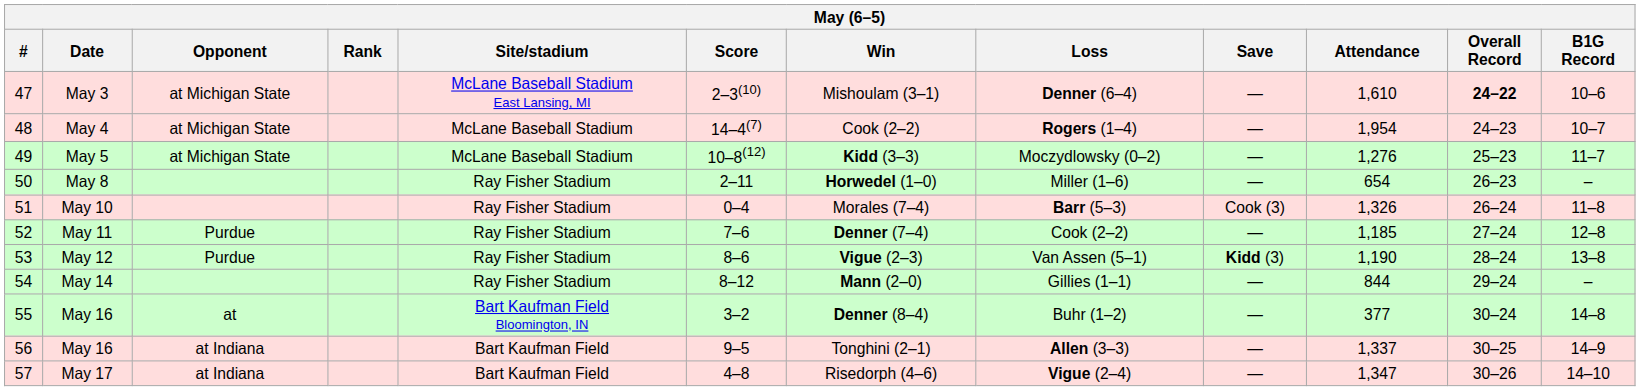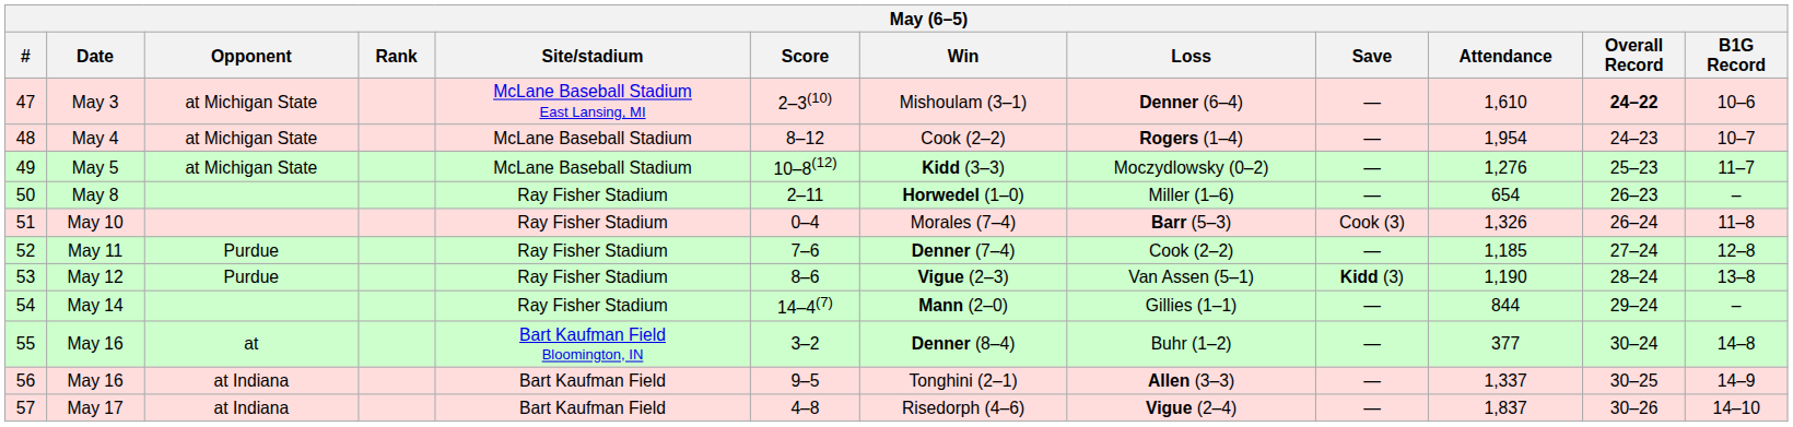 <table class="wikitable collapsible" style="margin:auto; width:100%; text-align:center; font-size:95%">
 <tr>
 <th colspan=12 style="padding-left:4em;">May (6–5)</th>
 </tr>
 <tr>
 <th>#</th>
 <th>Date</th>
 <th>Opponent</th>
 <th>Rank</th>
 <th>Site/stadium</th>
 <th>Score</th>
 <th>Win</th>
 <th>Loss</th>
 <th>Save</th>
 <th>Attendance</th>
 <th>Overall<br>Record</th>
 <th>B1G<br>Record</th>
 </tr>
 <tr align="center" bgcolor="#ffdddd">
 <td>47</td>
 <td>May 3</td>
 <td>at Michigan State</td>
 <td></td>
 <td><a href='#'>McLane Baseball Stadium</a><br><small><a href='#'>East Lansing, MI</a></small></td>
 <td>2–3<sup>(10)</sup></td>
 <td>Mishoulam (3–1)</td>
 <td><strong>Denner</strong> (6–4)</td>
 <td>—</td>
 <td>1,610</td>
 <td><strong>24–22</strong></td>
 <td>10–6</td>
 </tr>
 <tr align="center" bgcolor="#ffdddd">
 <td>48</td>
 <td>May 4</td>
 <td>at Michigan State</td>
 <td></td>
 <td>McLane Baseball Stadium</td>
-<td>14–4<sup>(7)</sup></td>
+<td>8–12</td>
 <td>Cook (2–2)</td>
 <td><strong>Rogers</strong> (1–4)</td>
 <td>—</td>
 <td>1,954</td>
 <td>24–23</td>
 <td>10–7</td>
 </tr>
 <tr align="center" bgcolor="#ccffcc">
 <td>49</td>
 <td>May 5</td>
 <td>at Michigan State</td>
 <td></td>
 <td>McLane Baseball Stadium</td>
 <td>10–8<sup>(12)</sup></td>
 <td><strong>Kidd</strong> (3–3)</td>
 <td>Moczydlowsky (0–2)</td>
 <td>—</td>
 <td>1,276</td>
 <td>25–23</td>
 <td>11–7</td>
 </tr>
 <tr align="center" bgcolor="#ccffcc">
 <td>50</td>
 <td>May 8</td>
 <td></td>
 <td></td>
 <td>Ray Fisher Stadium</td>
 <td>2–11</td>
 <td><strong>Horwedel</strong> (1–0)</td>
 <td>Miller (1–6)</td>
 <td>—</td>
 <td>654</td>
 <td>26–23</td>
 <td>–</td>
 </tr>
 <tr align="center" bgcolor="#ffdddd">
 <td>51</td>
 <td>May 10</td>
 <td></td>
 <td></td>
 <td>Ray Fisher Stadium</td>
 <td>0–4</td>
 <td>Morales (7–4)</td>
 <td><strong>Barr</strong> (5–3)</td>
 <td>Cook (3)</td>
 <td>1,326</td>
 <td>26–24</td>
 <td>11–8</td>
 </tr>
 <tr align="center" bgcolor="#ccffcc">
 <td>52</td>
 <td>May 11</td>
 <td>Purdue</td>
 <td></td>
 <td>Ray Fisher Stadium</td>
 <td>7–6</td>
 <td><strong>Denner</strong> (7–4)</td>
 <td>Cook (2–2)</td>
 <td>—</td>
 <td>1,185</td>
 <td>27–24</td>
 <td>12–8</td>
 </tr>
 <tr align="center" bgcolor="#ccffcc">
 <td>53</td>
 <td>May 12</td>
 <td>Purdue</td>
 <td></td>
 <td>Ray Fisher Stadium</td>
 <td>8–6</td>
 <td><strong>Vigue</strong> (2–3)</td>
 <td>Van Assen (5–1)</td>
 <td><strong>Kidd</strong> (3)</td>
 <td>1,190</td>
 <td>28–24</td>
 <td>13–8</td>
 </tr>
 <tr align="center" bgcolor="#ccffcc">
 <td>54</td>
 <td>May 14</td>
 <td></td>
 <td></td>
 <td>Ray Fisher Stadium</td>
-<td>8–12</td>
+<td>14–4<sup>(7)</sup></td>
 <td><strong>Mann</strong> (2–0)</td>
 <td>Gillies (1–1)</td>
 <td>—</td>
 <td>844</td>
 <td>29–24</td>
 <td>–</td>
 </tr>
 <tr align="center" bgcolor="#ccffcc">
 <td>55</td>
 <td>May 16</td>
 <td>at </td>
 <td></td>
 <td><a href='#'>Bart Kaufman Field</a><br><small><a href='#'>Bloomington, IN</a></small></td>
 <td>3–2</td>
 <td><strong>Denner</strong> (8–4)</td>
 <td>Buhr (1–2)</td>
 <td>—</td>
 <td>377</td>
 <td>30–24</td>
 <td>14–8</td>
 </tr>
 <tr align="center" bgcolor="#ffdddd">
 <td>56</td>
 <td>May 16</td>
 <td>at Indiana</td>
 <td></td>
 <td>Bart Kaufman Field</td>
 <td>9–5</td>
 <td>Tonghini (2–1)</td>
 <td><strong>Allen</strong> (3–3)</td>
 <td>—</td>
 <td>1,337</td>
 <td>30–25</td>
 <td>14–9</td>
 </tr>
 <tr align="center" bgcolor="#ffdddd">
 <td>57</td>
 <td>May 17</td>
 <td>at Indiana</td>
 <td></td>
 <td>Bart Kaufman Field</td>
 <td>4–8</td>
 <td>Risedorph (4–6)</td>
 <td><strong>Vigue</strong> (2–4)</td>
 <td>—</td>
-<td>1,347</td>
+<td>1,837</td>
 <td>30–26</td>
 <td>14–10</td>
 </tr>
 </table>
